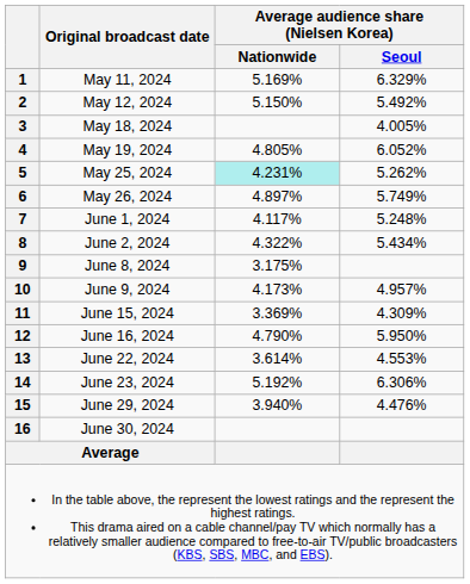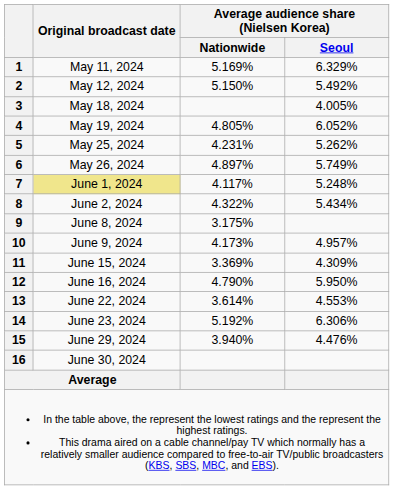 <table class="wikitable" style="margin-left:auto; margin-right:auto; width:500px; text-align:center">
 <tr>
 <th scope="col" rowspan="2"></th>
 <th scope="col" rowspan="2">Original broadcast date</th>
 <th scope="col" colspan="2">Average audience share<br>(Nielsen Korea)</th>
 </tr>
 <tr>
 <th scope="col" style="width:8em">Nationwide</th>
 <th scope="col" style="width:8em"><a href='#'>Seoul</a></th>
 </tr>
 <tr>
 <th scope="row">1</th>
 <td>May 11, 2024</td>
 <td>5.169% </td>
 <td>6.329% </td>
 </tr>
 <tr>
 <th scope="row">2</th>
 <td>May 12, 2024</td>
 <td>5.150% </td>
 <td>5.492% </td>
 </tr>
 <tr>
 <th scope="row">3</th>
 <td>May 18, 2024</td>
 <td><strong></strong> </td>
 <td>4.005% </td>
 </tr>
 <tr>
 <th scope="row">4</th>
 <td>May 19, 2024</td>
 <td>4.805% </td>
 <td>6.052% </td>
 </tr>
 <tr>
 <th scope="row">5</th>
 <td>May 25, 2024</td>
-<td style="background: paleturquoise;">4.231% </td>
+<td>4.231% </td>
 <td>5.262% </td>
 </tr>
 <tr>
 <th scope="row">6</th>
 <td>May 26, 2024</td>
 <td>4.897% </td>
 <td>5.749% </td>
 </tr>
 <tr>
 <th scope="row">7</th>
-<td>June 1, 2024</td>
+<td style="background: khaki;">June 1, 2024</td>
 <td>4.117% </td>
 <td>5.248% </td>
 </tr>
 <tr>
 <th scope="row">8</th>
 <td>June 2, 2024</td>
 <td>4.322% </td>
 <td>5.434% </td>
 </tr>
 <tr>
 <th scope="row">9</th>
 <td>June 8, 2024</td>
 <td>3.175% </td>
 <td><strong></strong> </td>
 </tr>
 <tr>
 <th scope="row">10</th>
 <td>June 9, 2024</td>
 <td>4.173% </td>
 <td>4.957% </td>
 </tr>
 <tr>
 <th scope="row">11</th>
 <td>June 15, 2024</td>
 <td>3.369% </td>
 <td>4.309% </td>
 </tr>
 <tr>
 <th scope="row">12</th>
 <td>June 16, 2024</td>
 <td>4.790% </td>
 <td>5.950% </td>
 </tr>
 <tr>
 <th scope="row">13</th>
 <td>June 22, 2024</td>
 <td>3.614% </td>
 <td>4.553% </td>
 </tr>
 <tr>
 <th scope="row">14</th>
 <td>June 23, 2024</td>
 <td>5.192% </td>
 <td>6.306% </td>
 </tr>
 <tr>
 <th scope="row">15</th>
 <td>June 29, 2024</td>
 <td>3.940% </td>
 <td>4.476% </td>
 </tr>
 <tr>
 <th scope="row">16</th>
 <td>June 30, 2024</td>
 <td><strong></strong> </td>
 <td><strong></strong> </td>
 </tr>
 <tr>
 <th scope="col" colspan="2">Average</th>
 <th scope="col"></th>
 <th scope="col"></th>
 </tr>
 <tr>
 <td colspan="4" style="font-size:85%"><br><ul><li>In the table above, the <strong></strong> represent the lowest ratings and the <strong></strong> represent the highest ratings.</li><li>This drama aired on a cable channel/pay TV which normally has a relatively smaller audience compared to free-to-air TV/public broadcasters (<a href='#'>KBS</a>, <a href='#'>SBS</a>, <a href='#'>MBC</a>, and <a href='#'>EBS</a>).</li></ul></td>
 </tr>
 </table>
